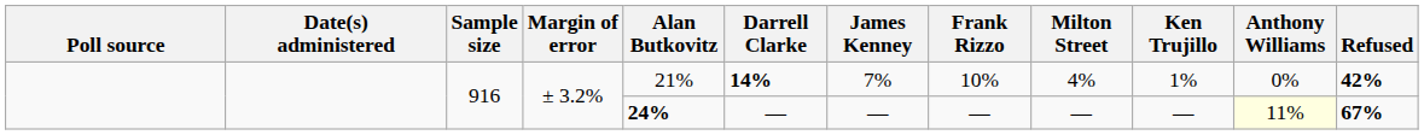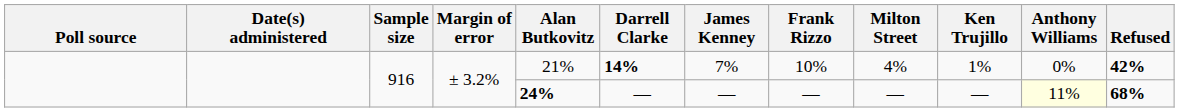 <table class="wikitable">
 <tr valign= bottom>
 <th style="width:160px;">Poll source</th>
 <th style="width:160px;">Date(s)<br>administered</th>
 <th class=small>Sample<br>size</th>
 <th class=small>Margin of<br>error</th>
 <th style="width:70px;">Alan<br>Butkovitz</th>
 <th style="width:70px;">Darrell<br>Clarke</th>
 <th style="width:70px;">James<br>Kenney</th>
 <th style="width:70px;">Frank<br>Rizzo</th>
 <th style="width:70px;">Milton<br>Street</th>
 <th style="width:70px;">Ken<br>Trujillo</th>
 <th style="width:70px;">Anthony<br>Williams</th>
 <th style="width:40px;">Refused</th>
 </tr>
 <tr>
 <td rowspan=2></td>
 <td style="text-align:center;" rowspan="2"></td>
 <td style="text-align:center;" rowspan="2">916</td>
 <td style="text-align:center;" rowspan="2">± 3.2%</td>
 <td align=center>21%</td>
 <td><strong>14%</strong></td>
 <td align=center>7%</td>
 <td align=center>10%</td>
 <td align=center>4%</td>
 <td align=center>1%</td>
 <td align=center>0%</td>
 <td><strong>42%</strong></td>
 </tr>
 <tr>
 <td><strong>24%</strong></td>
 <td align=center>—</td>
 <td align=center>—</td>
 <td align=center>—</td>
 <td align=center>—</td>
 <td align=center>—</td>
 <td align=center style="background: lightyellow;">11%</td>
-<td><strong>67%</strong></td>
+<td><strong>68%</strong></td>
 </tr>
 </table>
